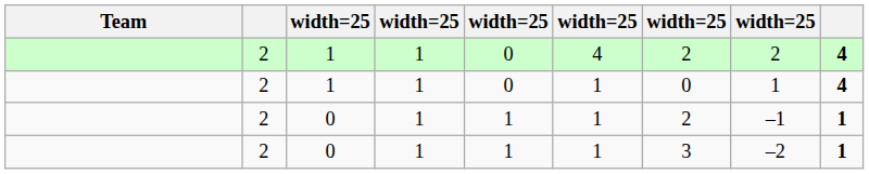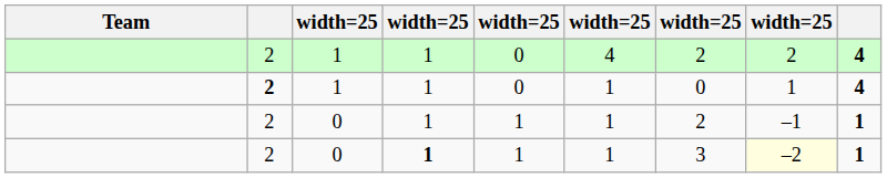 <table class="wikitable sortable" style="text-align: center; font-size: 90%;">
 <tr>
 <th width=165>Team</th>
 <th width=25></th>
 <th>width=25</th>
 <th>width=25</th>
 <th>width=25</th>
 <th>width=25</th>
 <th>width=25</th>
 <th>width=25</th>
 <th width=25></th>
 </tr>
 <tr style="background:#ccffcc;">
 <td style="text-align:left;"></td>
 <td>2</td>
 <td>1</td>
 <td>1</td>
 <td>0</td>
 <td>4</td>
 <td>2</td>
 <td>2</td>
 <td><strong>4</strong></td>
 </tr>
 <tr>
 <td style="text-align:left;"></td>
-<td>2</td>
+<td><strong>2</strong></td>
 <td>1</td>
 <td>1</td>
 <td>0</td>
 <td>1</td>
 <td>0</td>
 <td>1</td>
 <td><strong>4</strong></td>
 </tr>
 <tr>
 <td style="text-align:left;"></td>
 <td>2</td>
 <td>0</td>
 <td>1</td>
 <td>1</td>
 <td>1</td>
 <td>2</td>
 <td>–1</td>
 <td><strong>1</strong></td>
 </tr>
 <tr>
 <td style="text-align:left;"></td>
 <td>2</td>
 <td>0</td>
-<td>1</td>
+<td><strong>1</strong></td>
 <td>1</td>
 <td>1</td>
 <td>3</td>
-<td>–2</td>
+<td style="background: lightyellow;">–2</td>
 <td><strong>1</strong></td>
 </tr>
 </table>
